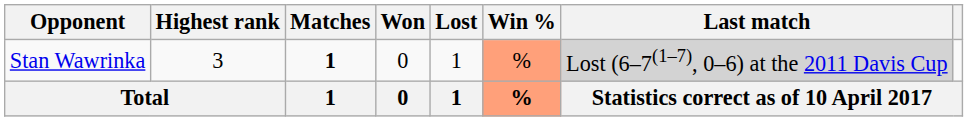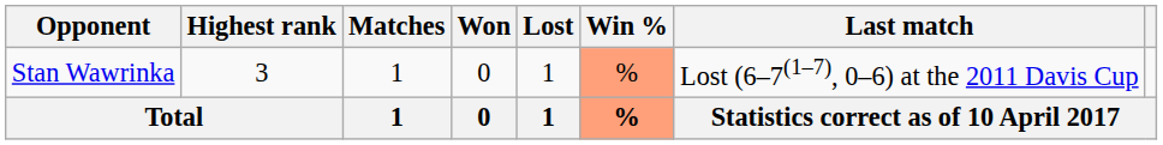 <table class="sortable wikitable">
 <tr>
 <th scope="col">Opponent</th>
 <th scope="col">Highest rank</th>
 <th scope="col">Matches</th>
 <th scope="col">Won</th>
 <th scope="col">Lost</th>
 <th scope="col">Win %</th>
 <th scope="col" class="unsortable">Last match</th>
 <th scope="col" class="unsortable"></th>
 </tr>
 <tr>
 <td data-sort-value="Wawrinka, S"> <a href='#'>Stan Wawrinka</a></td>
 <td align=center>3</td>
-<td align=center><strong>1</strong></td>
+<td align=center>1</td>
 <td align=center>0</td>
 <td align=center>1</td>
 <td bgcolor=FFA07A align=center>%</td>
-<td style="background: lightgrey;">Lost (6–7<sup>(1–7)</sup>, 0–6) at the <a href='#'>2011 Davis Cup</a></td>
+<td>Lost (6–7<sup>(1–7)</sup>, 0–6) at the <a href='#'>2011 Davis Cup</a></td>
 <td align=center></td>
 </tr>
 <tr>
 <th scope="col" colspan=2 align=center>Total</th>
 <th scope="col" align=center>1</th>
 <th scope="col" align=center>0</th>
 <th scope="col" align=center>1</th>
 <th scope="col" style="background:#FFA07A;" align=center>%</th>
 <th scope="col" colspan=2 align=center>Statistics correct as of 10 April 2017</th>
 </tr>
 </table>
